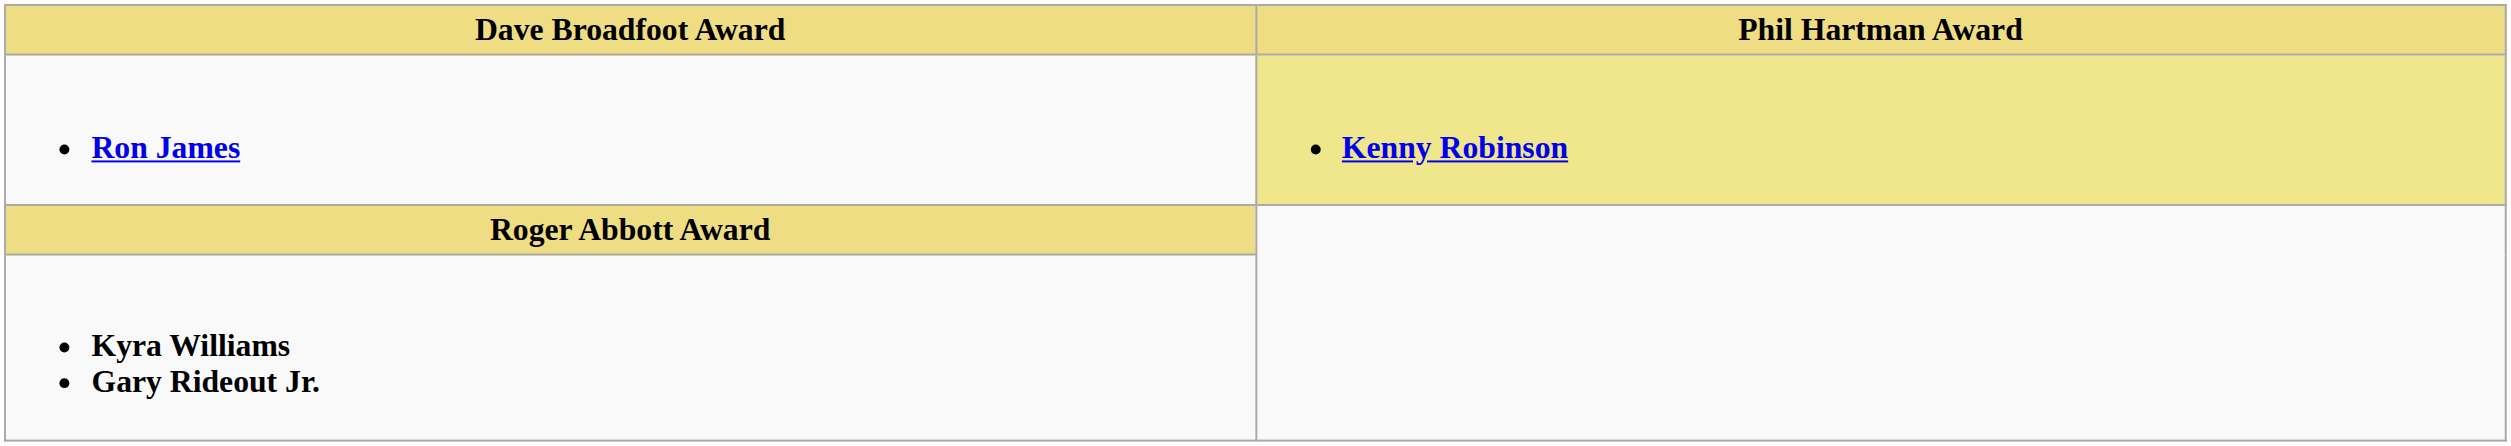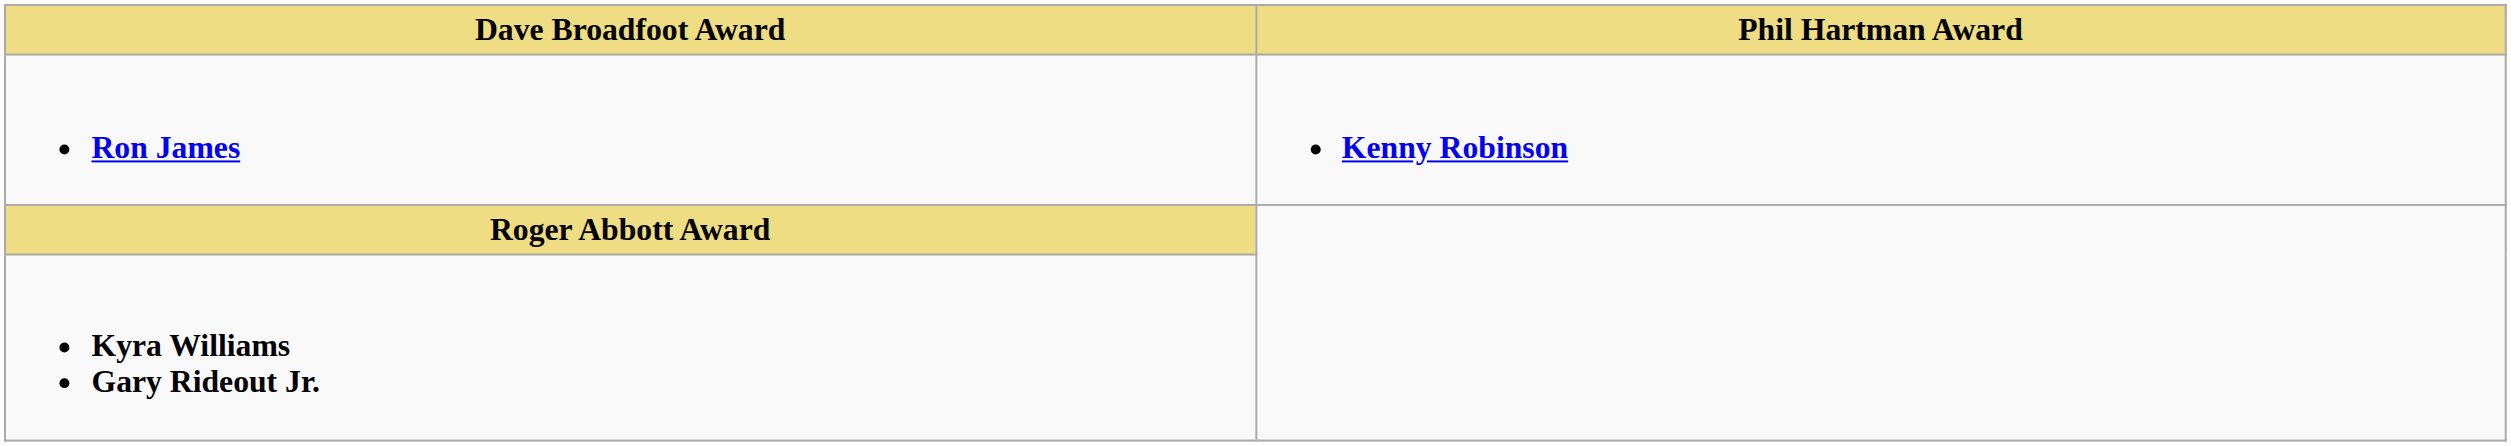 <table class="wikitable" style="width:100%">
 <tr>
 <th style="background:#EEDD82; width:50%">Dave Broadfoot Award</th>
 <th style="background:#EEDD82; width:50%">Phil Hartman Award</th>
 </tr>
 <tr>
 <td valign="top"><br><ul><li> <strong><a href='#'>Ron James</a></strong></li></ul></td>
-<td valign="top" style="background: khaki;"><br><ul><li> <strong><a href='#'>Kenny Robinson</a></strong></li></ul></td>
+<td valign="top"><br><ul><li> <strong><a href='#'>Kenny Robinson</a></strong></li></ul></td>
 </tr>
 <tr>
 <th style="background:#EEDD82; width:50%">Roger Abbott Award</th>
 </tr>
 <tr>
 <td valign="top"><br><ul><li> <strong>Kyra Williams</strong></li><li> <strong>Gary Rideout Jr.</strong></li></ul></td>
 </tr>
 </table>
